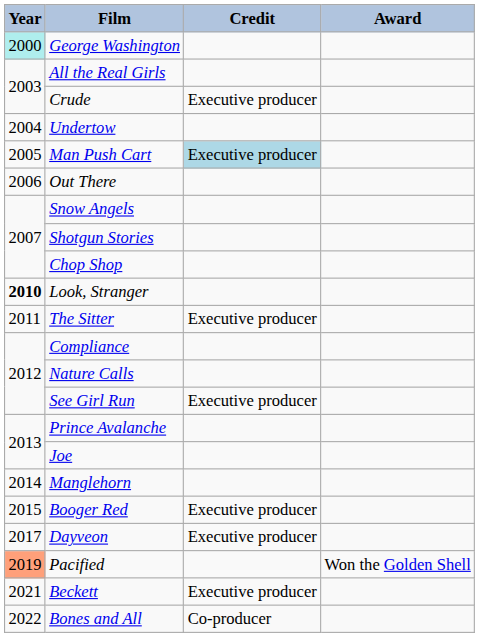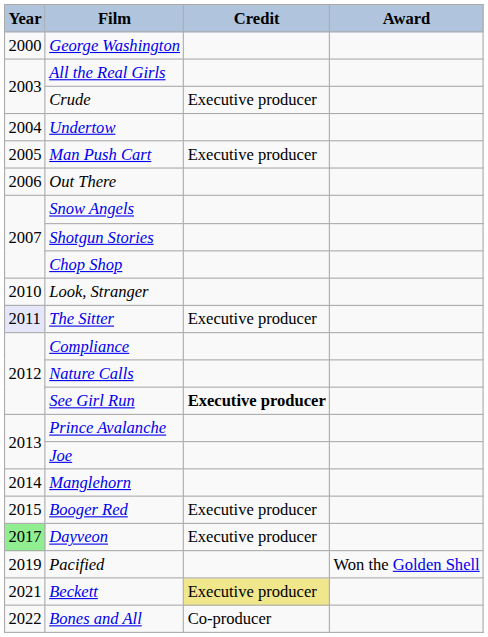 <table class="wikitable" style="font-size:95%;">
 <tr>
 <th style="background:#B0C4DE;">Year</th>
 <th style="background:#B0C4DE;">Film</th>
 <th style="background:#B0C4DE;">Credit</th>
 <th style="background:#B0C4DE;">Award</th>
 </tr>
 <tr>
-<td style="background: paleturquoise;">2000</td>
+<td>2000</td>
 <td><em><a href='#'>George Washington</a></em></td>
 <td></td>
 <td></td>
 </tr>
 <tr>
 <td rowspan=2>2003</td>
 <td><em><a href='#'>All the Real Girls</a></em></td>
 <td></td>
 <td></td>
 </tr>
 <tr>
 <td><em>Crude</em></td>
 <td>Executive producer</td>
 <td></td>
 </tr>
 <tr>
 <td>2004</td>
 <td><em><a href='#'>Undertow</a></em></td>
 <td></td>
 <td></td>
 </tr>
 <tr>
 <td>2005</td>
 <td><em><a href='#'>Man Push Cart</a></em></td>
-<td style="background: lightblue;">Executive producer</td>
+<td>Executive producer</td>
 <td></td>
 </tr>
 <tr>
 <td>2006</td>
 <td><em>Out There</em></td>
 <td></td>
 <td></td>
 </tr>
 <tr>
 <td rowspan=3>2007</td>
 <td><em><a href='#'>Snow Angels</a></em></td>
 <td></td>
 <td></td>
 </tr>
 <tr>
 <td><em><a href='#'>Shotgun Stories</a></em></td>
 <td></td>
 <td></td>
 </tr>
 <tr>
 <td><em><a href='#'>Chop Shop</a></em></td>
 <td></td>
 <td></td>
 </tr>
 <tr>
-<td><strong>2010</strong></td>
+<td>2010</td>
 <td><em>Look, Stranger</em></td>
 <td></td>
 <td></td>
 </tr>
 <tr>
-<td>2011</td>
+<td style="background: lavender;">2011</td>
 <td><em><a href='#'>The Sitter</a></em></td>
 <td>Executive producer</td>
 <td></td>
 </tr>
 <tr>
 <td rowspan=3>2012</td>
 <td><em><a href='#'>Compliance</a></em></td>
 <td></td>
 <td></td>
 </tr>
 <tr>
 <td><em><a href='#'>Nature Calls</a></em></td>
 <td></td>
 <td></td>
 </tr>
 <tr>
 <td><em><a href='#'>See Girl Run</a></em></td>
-<td>Executive producer</td>
+<td><strong>Executive producer</strong></td>
 <td></td>
 </tr>
 <tr>
 <td rowspan=2>2013</td>
 <td><em><a href='#'>Prince Avalanche</a></em></td>
 <td></td>
 <td></td>
 </tr>
 <tr>
 <td><em><a href='#'>Joe</a></em></td>
 <td></td>
 <td></td>
 </tr>
 <tr>
 <td>2014</td>
 <td><em><a href='#'>Manglehorn</a></em></td>
 <td></td>
 <td></td>
 </tr>
 <tr>
 <td>2015</td>
 <td><em><a href='#'>Booger Red</a></em></td>
 <td>Executive producer</td>
 <td></td>
 </tr>
 <tr>
-<td>2017</td>
+<td style="background: lightgreen;">2017</td>
 <td><em><a href='#'>Dayveon</a></em></td>
 <td>Executive producer</td>
 <td></td>
 </tr>
 <tr>
-<td style="background: lightsalmon;">2019</td>
+<td>2019</td>
 <td><em>Pacified</em></td>
 <td></td>
 <td>Won the <a href='#'>Golden Shell</a></td>
 </tr>
 <tr>
 <td>2021</td>
 <td><em><a href='#'>Beckett</a></em></td>
-<td>Executive producer</td>
+<td style="background: khaki;">Executive producer</td>
 <td></td>
 </tr>
 <tr>
 <td>2022</td>
 <td><em><a href='#'>Bones and All</a></em></td>
 <td>Co-producer</td>
 <td></td>
 </tr>
 </table>
